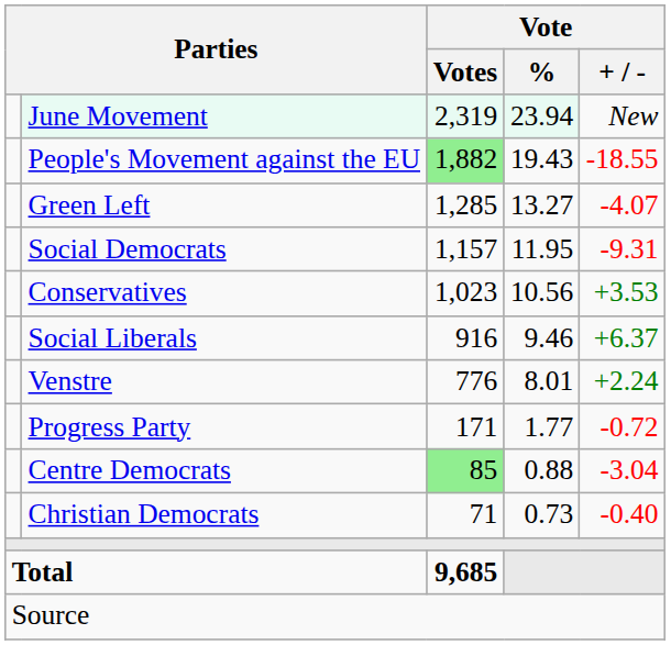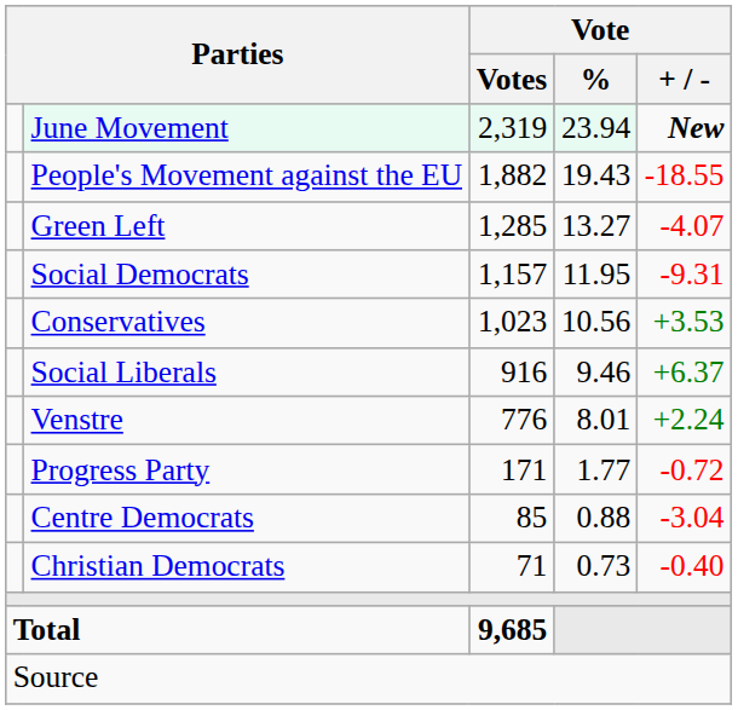 <table class="wikitable" style="text-align:right;">
 <tr>
 <th style="text-align:centre;" rowspan="2" colspan="2" width="225">Parties</th>
 <th colspan="3">Vote</th>
 </tr>
 <tr>
 <th width="15">Votes</th>
 <th width="15">%</th>
 <th width="15">+ / -</th>
 </tr>
 <tr>
 <td width="2" style="color:inherit;background:"></td>
 <td bgcolor=#e8fbf3   align="left"><a href='#'>June Movement</a></td>
 <td bgcolor=#e8fbf3>2,319</td>
 <td bgcolor=#e8fbf3>23.94</td>
-<td><em>New</em></td>
+<td><strong><em>New</em></strong></td>
 </tr>
 <tr>
 <td width="2" style="color:inherit;background:"></td>
 <td align="left"><a href='#'>People's Movement against the EU</a></td>
-<td style="background: lightgreen;">1,882</td>
+<td>1,882</td>
 <td>19.43</td>
 <td style=color:red;>-18.55</td>
 </tr>
 <tr>
 <td width="2" style="color:inherit;background:"></td>
 <td align="left"><a href='#'>Green Left</a></td>
 <td>1,285</td>
 <td>13.27</td>
 <td style=color:red;>-4.07</td>
 </tr>
 <tr>
 <td width="2" style="color:inherit;background:"></td>
 <td align="left"><a href='#'>Social Democrats</a></td>
 <td>1,157</td>
 <td>11.95</td>
 <td style=color:red;>-9.31</td>
 </tr>
 <tr>
 <td width="2" style="color:inherit;background:"></td>
 <td align="left"><a href='#'>Conservatives</a></td>
 <td>1,023</td>
 <td>10.56</td>
 <td style=color:green;>+3.53</td>
 </tr>
 <tr>
 <td width="2" style="color:inherit;background:"></td>
 <td align="left"><a href='#'>Social Liberals</a></td>
 <td>916</td>
 <td>9.46</td>
 <td style=color:green;>+6.37</td>
 </tr>
 <tr>
 <td width="2" style="color:inherit;background:"></td>
 <td align="left"><a href='#'>Venstre</a></td>
 <td>776</td>
 <td>8.01</td>
 <td style=color:green;>+2.24</td>
 </tr>
 <tr>
 <td width="2" style="color:inherit;background:"></td>
 <td align="left"><a href='#'>Progress Party</a></td>
 <td>171</td>
 <td>1.77</td>
 <td style=color:red;>-0.72</td>
 </tr>
 <tr>
 <td width="2" style="color:inherit;background:"></td>
 <td align="left"><a href='#'>Centre Democrats</a></td>
-<td style="background: lightgreen;">85</td>
+<td>85</td>
 <td>0.88</td>
 <td style=color:red;>-3.04</td>
 </tr>
 <tr>
 <td width="2" style="color:inherit;background:"></td>
 <td align="left"><a href='#'>Christian Democrats</a></td>
 <td>71</td>
 <td>0.73</td>
 <td style=color:red;>-0.40</td>
 </tr>
 <tr>
 <td colspan="7" bgcolor="#E9E9E9"></td>
 </tr>
 <tr>
 <td align="left" colspan="2"><strong>Total</strong></td>
 <td><strong>9,685</strong></td>
 <td bgcolor="#E9E9E9" colspan="2"></td>
 </tr>
 <tr>
 <td align="left" colspan="6">Source</td>
 </tr>
 </table>
